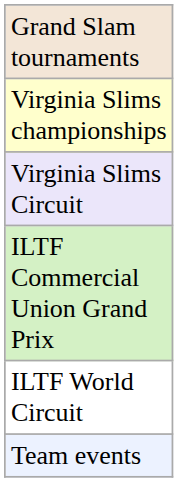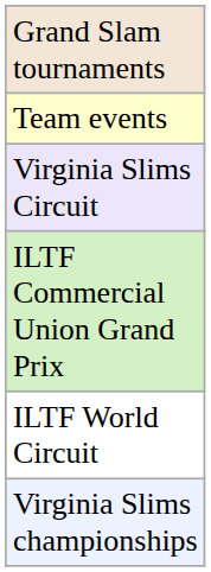 <table class=wikitable  style=font-size:95%;width:15%>
 <tr style="background:#F3E6D7;">
 <td>Grand Slam tournaments</td>
 </tr>
 <tr style="background:#ffc;">
-<td>Virginia Slims championships</td>
+<td>Team events</td>
 </tr>
 <tr style="background:#ebe6fa;">
 <td>Virginia Slims Circuit</td>
 </tr>
 <tr style="background:#D4F1C5;">
 <td>ILTF Commercial Union Grand Prix</td>
 </tr>
 <tr style="background:#fff;">
 <td>ILTF World Circuit</td>
 </tr>
 <tr style="background:#ECF2FF;">
-<td>Team events</td>
+<td>Virginia Slims championships</td>
 </tr>
 </table>
